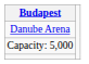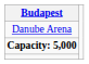 <table class="wikitable" style="text-align:center">
 <tr>
 <th><a href='#'>Budapest</a></th>
 <td rowspan=4></td>
 </tr>
 <tr>
 <td><a href='#'>Danube Arena</a></td>
 </tr>
 <tr>
-<td>Capacity: 5,000</td>
+<td><strong>Capacity: 5,000</strong></td>
 </tr>
 <tr>
 <td></td>
 </tr>
 </table>
